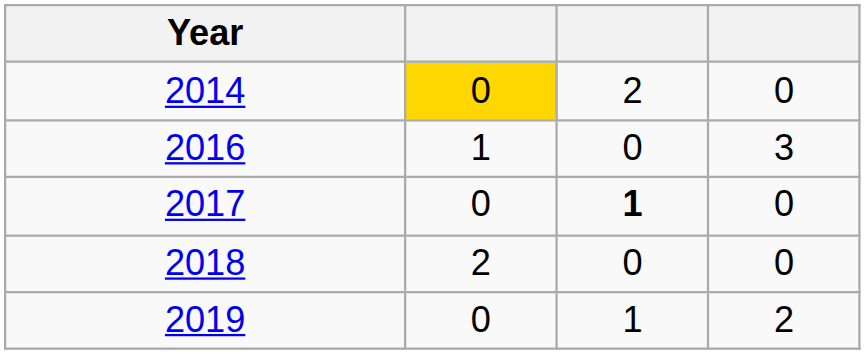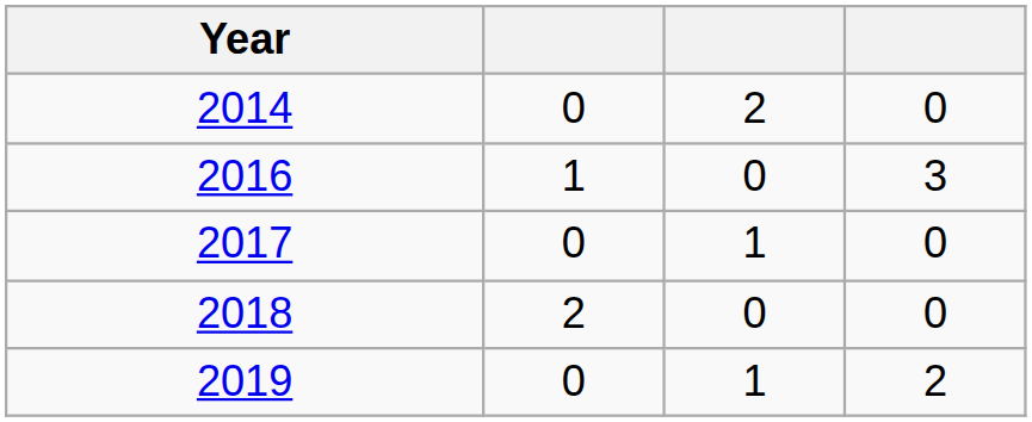 <table class="wikitable" width=30% style="font-size:100%; text-align:center;">
 <tr>
 <th>Year</th>
 <th></th>
 <th></th>
 <th></th>
 </tr>
 <tr>
 <td><a href='#'>2014</a></td>
-<td style="background: gold;">0</td>
+<td>0</td>
 <td>2</td>
 <td>0</td>
 </tr>
 <tr>
 <td><a href='#'>2016</a></td>
 <td>1</td>
 <td>0</td>
 <td>3</td>
 </tr>
 <tr>
 <td><a href='#'>2017</a></td>
 <td>0</td>
-<td><strong>1</strong></td>
+<td>1</td>
 <td>0</td>
 </tr>
 <tr>
 <td><a href='#'>2018</a></td>
 <td>2</td>
 <td>0</td>
 <td>0</td>
 </tr>
 <tr>
 <td><a href='#'>2019</a></td>
 <td>0</td>
 <td>1</td>
 <td>2</td>
 </tr>
 </table>
